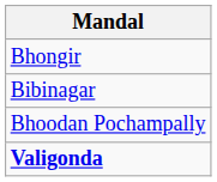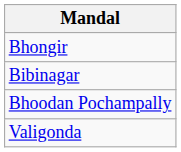 <table class="wikitable sortable static-row-numbers static-row-header-hash">
 <tr>
 <th>Mandal</th>
 </tr>
 <tr>
 <td><a href='#'>Bhongir</a></td>
 </tr>
 <tr>
 <td><a href='#'>Bibinagar</a></td>
 </tr>
 <tr>
 <td><a href='#'>Bhoodan Pochampally</a></td>
 </tr>
 <tr>
-<td><strong><a href='#'>Valigonda</a></strong></td>
+<td><a href='#'>Valigonda</a></td>
 </tr>
 </table>
